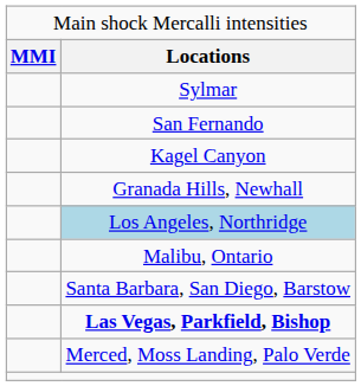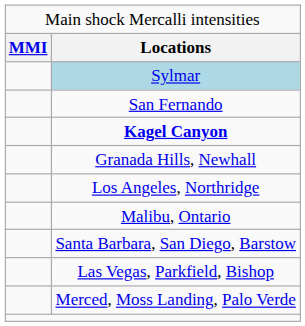 <table class="wikitable" style="float: right; text-align: center; font-size:90%;">
 <tr>
 <td colspan="2" style="text-align: center;">Main shock Mercalli intensities</td>
 </tr>
 <tr>
 <th><a href='#'>MMI</a></th>
 <th>Locations</th>
 </tr>
 <tr>
 <td></td>
-<td><a href='#'>Sylmar</a></td>
+<td style="background: lightblue;"><a href='#'>Sylmar</a></td>
 </tr>
 <tr>
 <td></td>
 <td><a href='#'>San Fernando</a></td>
 </tr>
 <tr>
 <td></td>
-<td><a href='#'>Kagel Canyon</a></td>
+<td><strong><a href='#'>Kagel Canyon</a></strong></td>
 </tr>
 <tr>
 <td></td>
 <td><a href='#'>Granada Hills</a>, <a href='#'>Newhall</a></td>
 </tr>
 <tr>
 <td></td>
-<td style="background: lightblue;"><a href='#'>Los Angeles</a>, <a href='#'>Northridge</a></td>
+<td><a href='#'>Los Angeles</a>, <a href='#'>Northridge</a></td>
 </tr>
 <tr>
 <td></td>
 <td><a href='#'>Malibu</a>, <a href='#'>Ontario</a></td>
 </tr>
 <tr>
 <td></td>
 <td><a href='#'>Santa Barbara</a>, <a href='#'>San Diego</a>, <a href='#'>Barstow</a></td>
 </tr>
 <tr>
 <td></td>
-<td><strong><a href='#'>Las Vegas</a>, <a href='#'>Parkfield</a>, <a href='#'>Bishop</a></strong></td>
+<td><a href='#'>Las Vegas</a>, <a href='#'>Parkfield</a>, <a href='#'>Bishop</a></td>
 </tr>
 <tr>
 <td></td>
 <td><a href='#'>Merced</a>, <a href='#'>Moss Landing</a>, <a href='#'>Palo Verde</a></td>
 </tr>
 <tr>
 <td colspan="3" style="text-align: center;"><small><span></span></small></td>
 </tr>
 </table>
